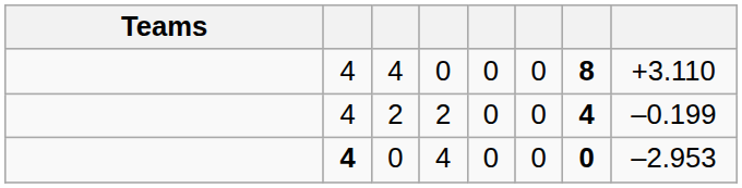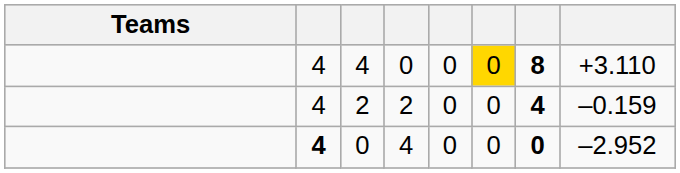 <table class="wikitable" style="text-align:center">
 <tr>
 <th style="width:175px;">Teams</th>
 <th style="width:20px;"></th>
 <th style="width:20px;"></th>
 <th style="width:20px;"></th>
 <th style="width:20px;"></th>
 <th style="width:20px;"></th>
 <th style="width:20px;"></th>
 <th style="width:65px;"></th>
 </tr>
 <tr>
 <td style="text-align:left"></td>
 <td>4</td>
 <td>4</td>
 <td>0</td>
 <td>0</td>
-<td>0</td>
+<td style="background: gold;">0</td>
 <td><strong>8</strong></td>
 <td>+3.110</td>
 </tr>
 <tr>
 <td style="text-align:left"></td>
 <td>4</td>
 <td>2</td>
 <td>2</td>
 <td>0</td>
 <td>0</td>
 <td><strong>4</strong></td>
-<td>–0.199</td>
+<td>–0.159</td>
 </tr>
 <tr>
 <td style="text-align:left"></td>
 <td><strong>4</strong></td>
 <td>0</td>
 <td>4</td>
 <td>0</td>
 <td>0</td>
 <td><strong>0</strong></td>
-<td>–2.953</td>
+<td>–2.952</td>
 </tr>
 </table>
